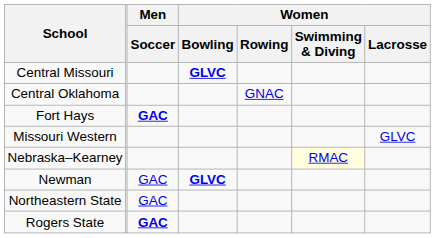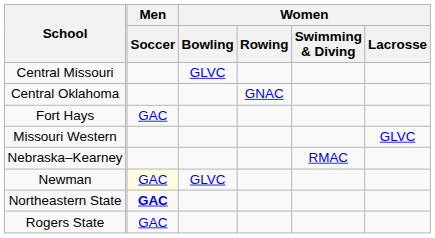 <table class="wikitable" style="text-align:center">
 <tr>
 <th rowspan=2>School</th>
 <th rowspan=10 width=1 style="padding:0"></th>
 <th colspan=1>Men</th>
 <th colspan=4>Women</th>
 </tr>
 <tr>
 <th>Soccer</th>
 <th>Bowling</th>
 <th>Rowing</th>
 <th>Swimming<br>& Diving</th>
 <th>Lacrosse</th>
 </tr>
 <tr>
 <td>Central Missouri</td>
 <td></td>
-<td><strong><a href='#'>GLVC</a></strong></td>
+<td><a href='#'>GLVC</a></td>
 <td></td>
 <td></td>
 <td></td>
 </tr>
 <tr>
 <td>Central Oklahoma</td>
 <td></td>
 <td></td>
 <td><a href='#'>GNAC</a></td>
 <td></td>
 <td></td>
 </tr>
 <tr>
 <td>Fort Hays</td>
-<td><strong><a href='#'>GAC</a></strong></td>
+<td><a href='#'>GAC</a></td>
 <td></td>
 <td></td>
 <td></td>
 <td></td>
 </tr>
 <tr>
 <td>Missouri Western</td>
 <td></td>
 <td></td>
 <td></td>
 <td></td>
 <td><a href='#'>GLVC</a></td>
 </tr>
 <tr>
 <td>Nebraska–Kearney</td>
 <td></td>
 <td></td>
 <td></td>
-<td style="background: lightyellow;"><a href='#'>RMAC</a></td>
+<td><a href='#'>RMAC</a></td>
 <td></td>
 </tr>
 <tr>
 <td>Newman</td>
-<td><a href='#'>GAC</a></td>
-<td><strong><a href='#'>GLVC</a></strong></td>
+<td style="background: lightyellow;"><a href='#'>GAC</a></td>
+<td><a href='#'>GLVC</a></td>
 <td></td>
 <td></td>
 <td></td>
 </tr>
 <tr>
 <td>Northeastern State</td>
-<td><a href='#'>GAC</a></td>
+<td><strong><a href='#'>GAC</a></strong></td>
 <td></td>
 <td></td>
 <td></td>
 <td></td>
 </tr>
 <tr>
 <td>Rogers State</td>
-<td><strong><a href='#'>GAC</a></strong></td>
+<td><a href='#'>GAC</a></td>
 <td></td>
 <td></td>
 <td></td>
 <td></td>
 </tr>
 </table>
